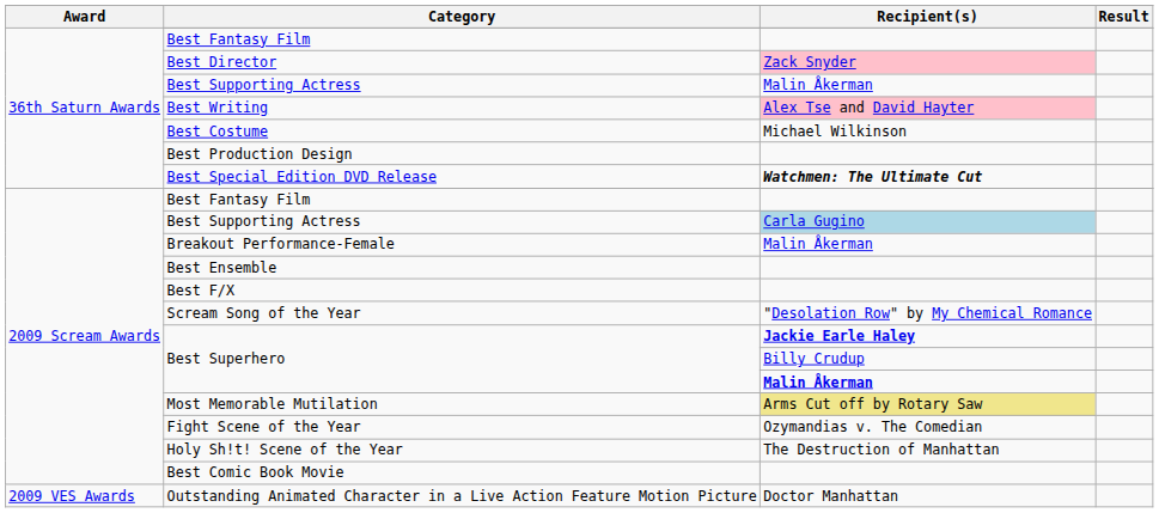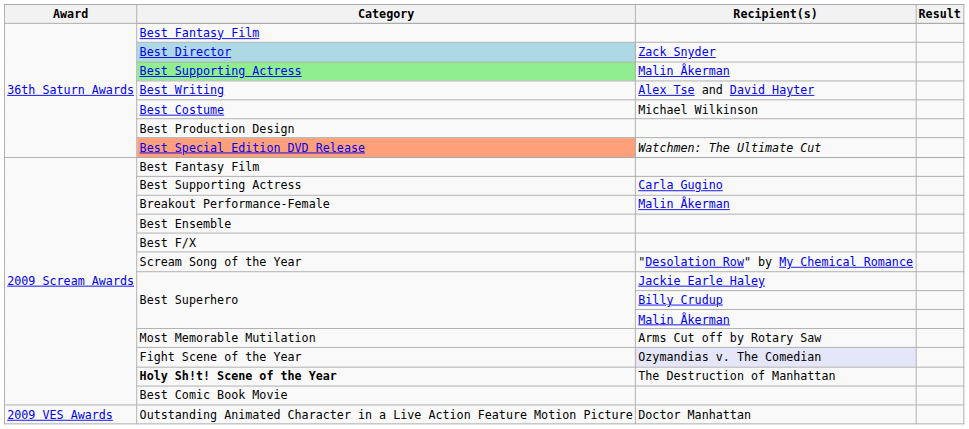 <table class="wikitable sortable plainrowheaders">
 <tr>
 </tr>
 <tr>
 <th>Award</th>
 <th>Category</th>
 <th>Recipient(s)</th>
 <th>Result</th>
 </tr>
 <tr>
 <td rowspan="8"><a href='#'>36th Saturn Awards</a></td>
 </tr>
 <tr>
 <td><a href='#'>Best Fantasy Film</a></td>
 <td></td>
 <td></td>
 </tr>
 <tr>
-<td><a href='#'>Best Director</a></td>
-<td style="background: pink;"><a href='#'>Zack Snyder</a></td>
+<td style="background: lightblue;"><a href='#'>Best Director</a></td>
+<td><a href='#'>Zack Snyder</a></td>
 <td></td>
 </tr>
 <tr>
-<td><a href='#'>Best Supporting Actress</a></td>
+<td style="background: lightgreen;"><a href='#'>Best Supporting Actress</a></td>
 <td><a href='#'>Malin Åkerman</a></td>
 <td></td>
 </tr>
 <tr>
 <td><a href='#'>Best Writing</a></td>
-<td style="background: pink;"><a href='#'>Alex Tse</a> and <a href='#'>David Hayter</a></td>
+<td><a href='#'>Alex Tse</a> and <a href='#'>David Hayter</a></td>
 <td></td>
 </tr>
 <tr>
 <td><a href='#'>Best Costume</a></td>
 <td>Michael Wilkinson</td>
 <td></td>
 </tr>
 <tr>
 <td>Best Production Design</td>
 <td></td>
 <td></td>
 </tr>
 <tr>
-<td><a href='#'>Best Special Edition DVD Release</a></td>
-<td><strong><em>Watchmen: The Ultimate Cut</em></strong></td>
+<td style="background: lightsalmon;"><a href='#'>Best Special Edition DVD Release</a></td>
+<td><em>Watchmen: The Ultimate Cut</em></td>
 <td></td>
 </tr>
 <tr>
 <td rowspan="14"><a href='#'>2009 Scream Awards</a></td>
 </tr>
 <tr>
 <td>Best Fantasy Film</td>
 <td></td>
 <td></td>
 </tr>
 <tr>
 <td>Best Supporting Actress</td>
-<td style="background: lightblue;"><a href='#'>Carla Gugino</a></td>
+<td><a href='#'>Carla Gugino</a></td>
 <td></td>
 </tr>
 <tr>
 <td>Breakout Performance-Female</td>
 <td><a href='#'>Malin Åkerman</a></td>
 <td></td>
 </tr>
 <tr>
 <td>Best Ensemble</td>
 <td></td>
 <td></td>
 </tr>
 <tr>
 <td>Best F/X</td>
 <td></td>
 <td></td>
 </tr>
 <tr>
 <td>Scream Song of the Year</td>
 <td>"<a href='#'>Desolation Row</a>" by <a href='#'>My Chemical Romance</a></td>
 <td></td>
 </tr>
 <tr>
 <td rowspan=3>Best Superhero</td>
-<td><strong><a href='#'>Jackie Earle Haley</a></strong></td>
+<td><a href='#'>Jackie Earle Haley</a></td>
 <td></td>
 </tr>
 <tr>
 <td><a href='#'>Billy Crudup</a></td>
 <td></td>
 </tr>
 <tr>
-<td><strong><a href='#'>Malin Åkerman</a></strong></td>
+<td><a href='#'>Malin Åkerman</a></td>
 <td></td>
 </tr>
 <tr>
 <td>Most Memorable Mutilation</td>
-<td style="background: khaki;">Arms Cut off by Rotary Saw</td>
+<td>Arms Cut off by Rotary Saw</td>
 <td></td>
 </tr>
 <tr>
 <td>Fight Scene of the Year</td>
-<td>Ozymandias v. The Comedian</td>
+<td style="background: lavender;">Ozymandias v. The Comedian</td>
 <td></td>
 </tr>
 <tr>
-<td>Holy Sh!t! Scene of the Year</td>
+<td><strong>Holy Sh!t! Scene of the Year</strong></td>
 <td>The Destruction of Manhattan</td>
 <td></td>
 </tr>
 <tr>
 <td>Best Comic Book Movie</td>
 <td></td>
 <td></td>
 </tr>
 <tr>
 <td><a href='#'>2009 VES Awards</a></td>
 <td>Outstanding Animated Character in a Live Action Feature Motion Picture</td>
 <td>Doctor Manhattan</td>
 <td></td>
 </tr>
 </table>
